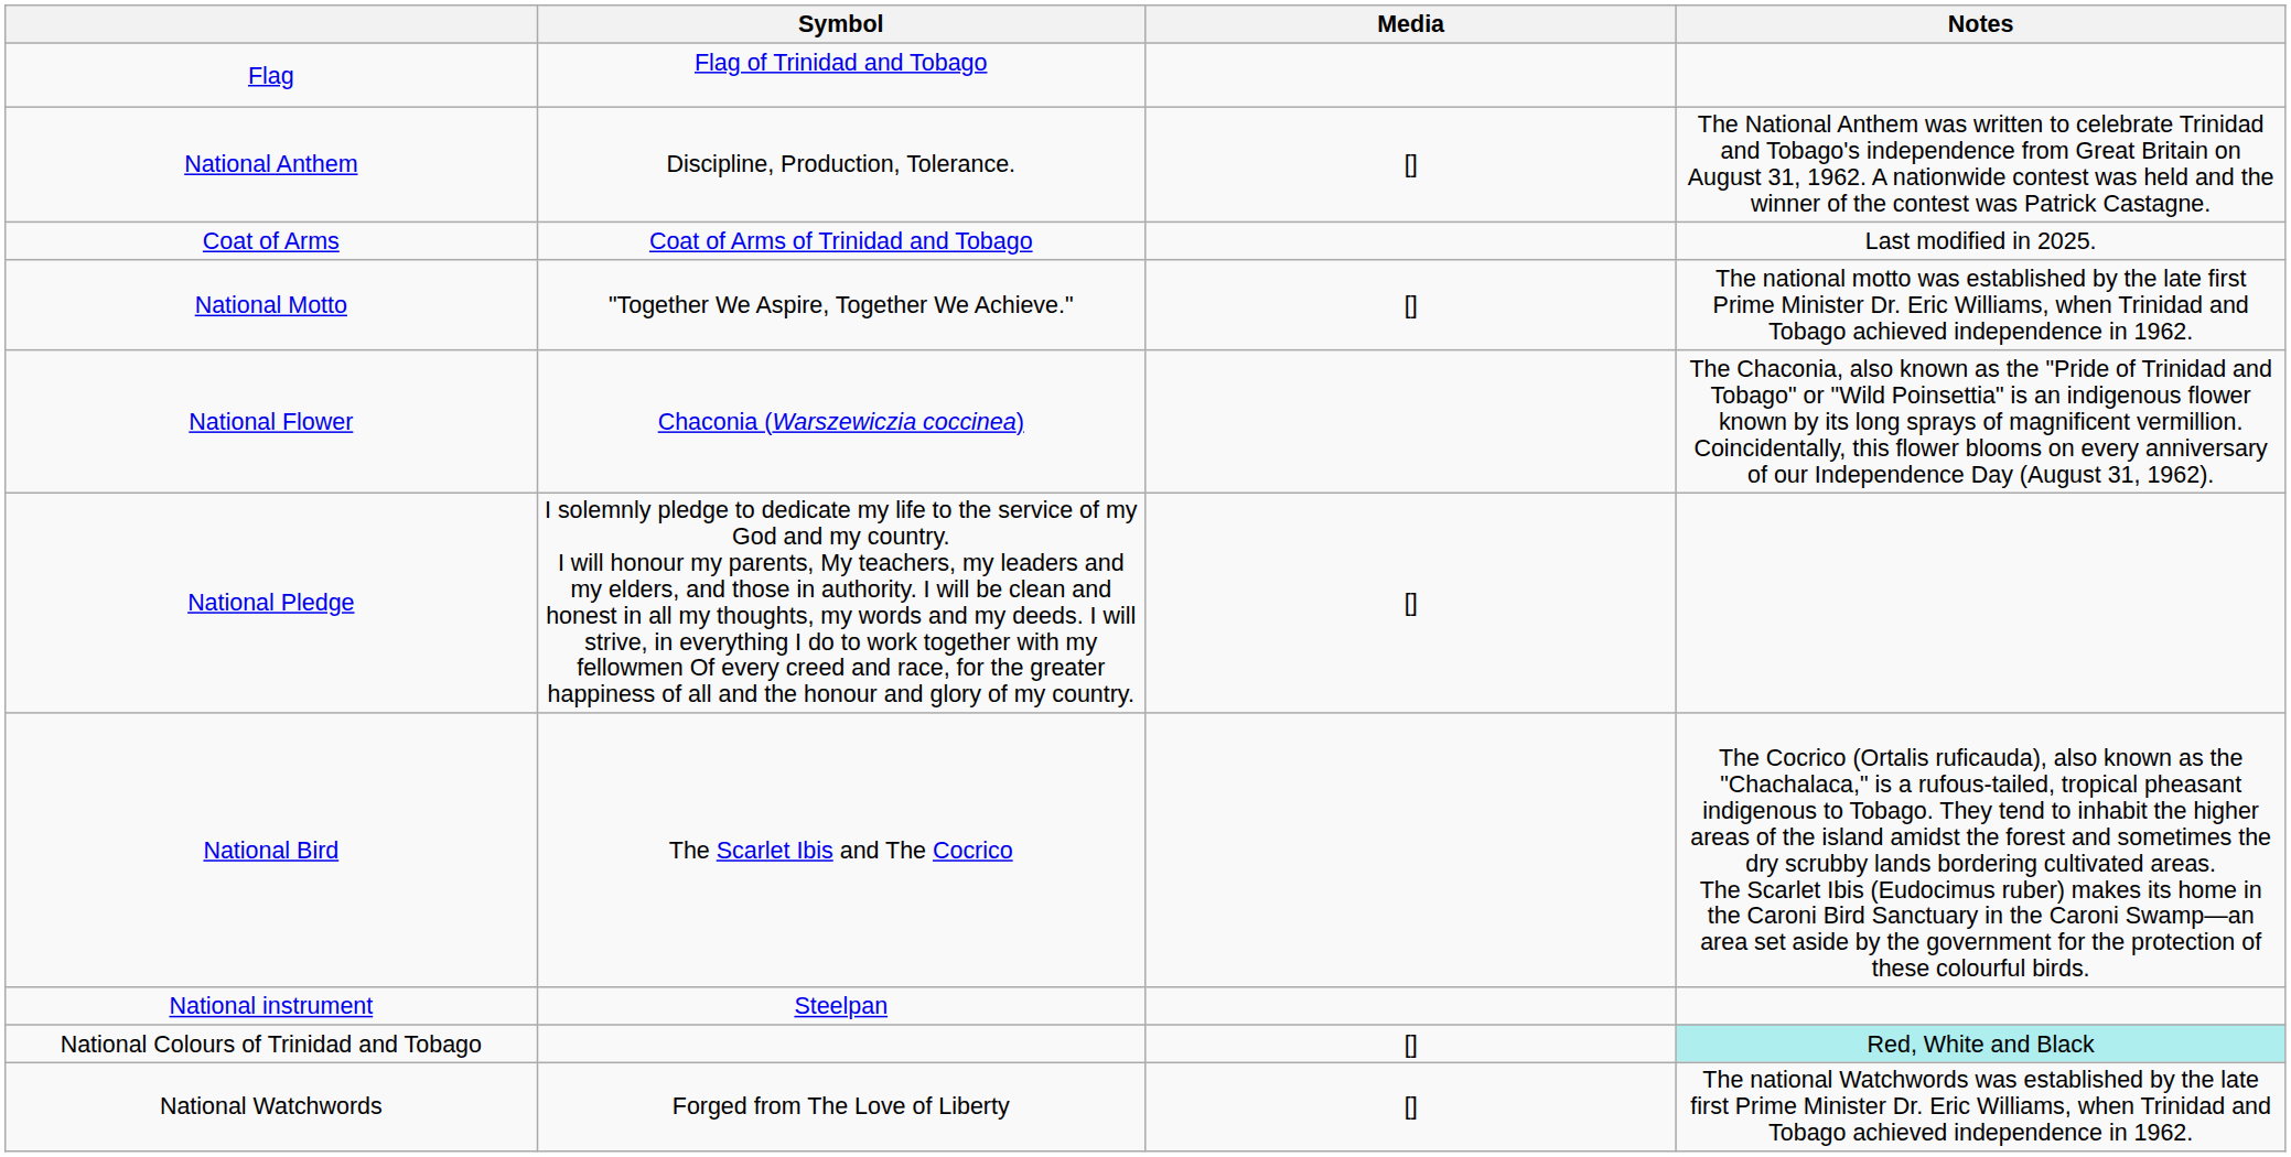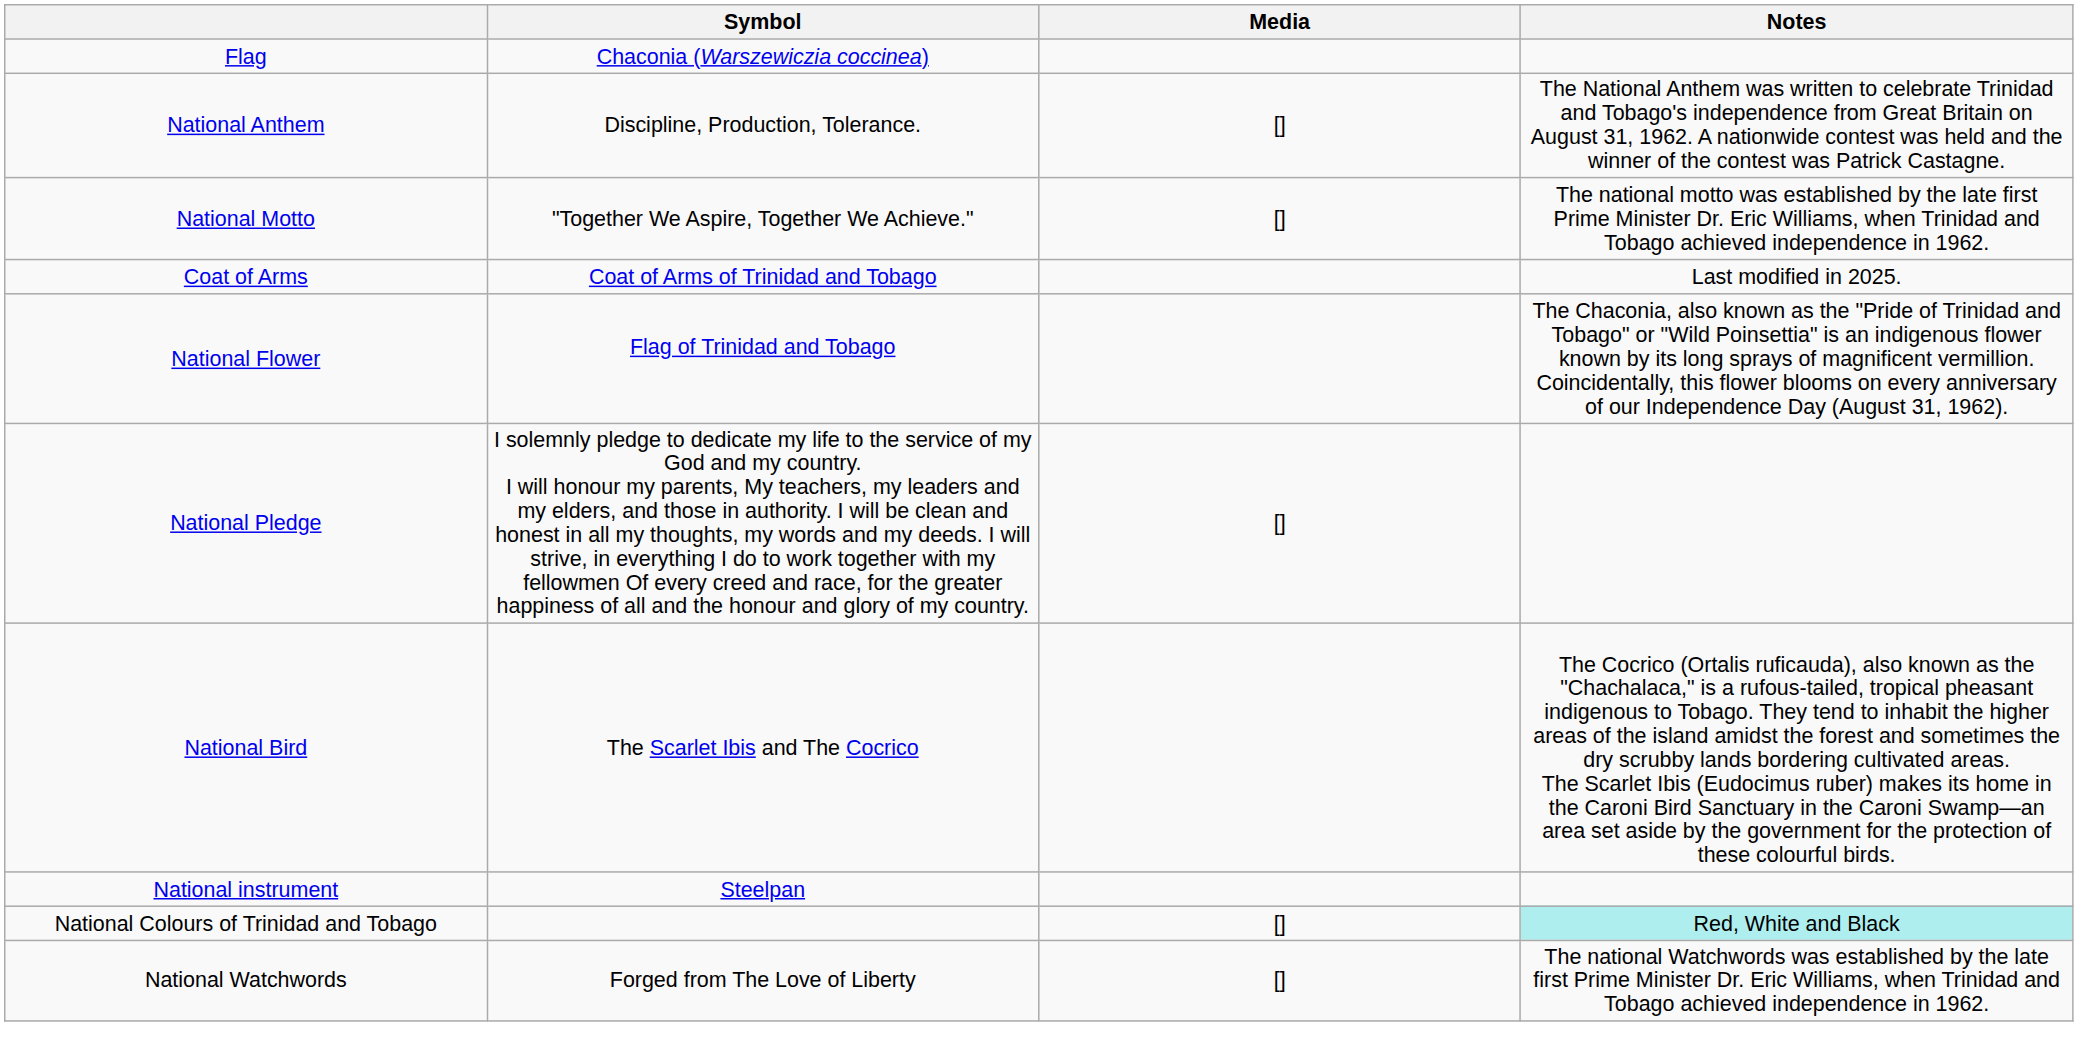 <table class="wikitable" width=70% style="font-size:90%; text-align:center;">
 <tr>
 <th width=80px></th>
 <th width=80px>Symbol</th>
 <th width=80px>Media</th>
 <th width=80px>Notes</th>
 </tr>
 <tr>
 <td><a href='#'>Flag</a></td>
-<td><a href='#'>Flag of Trinidad and Tobago</a><br><br></td>
+<td><a href='#'>Chaconia (<em>Warszewiczia coccinea</em>)</a></td>
 <td></td>
 <td></td>
 </tr>
 <tr>
 <td><a href='#'>National Anthem</a></td>
 <td>Discipline, Production, Tolerance.</td>
 <td>[]</td>
 <td>The National Anthem was written to celebrate Trinidad and Tobago's independence from Great Britain on August 31, 1962. A nationwide contest was held and the winner of the contest was Patrick Castagne.</td>
 </tr>
 <tr>
+<td><a href='#'>National Motto</a></td>
+<td>"Together We Aspire, Together We Achieve."</td>
+<td>[]</td>
+<td>The national motto was established by the late first Prime Minister Dr. Eric Williams, when Trinidad and Tobago achieved independence in 1962.</td>
+</tr>
+<tr>
 <td><a href='#'>Coat of Arms</a></td>
 <td><a href='#'>Coat of Arms of Trinidad and Tobago</a></td>
 <td></td>
 <td>Last modified in 2025.</td>
 </tr>
 <tr>
-<td><a href='#'>National Motto</a></td>
-<td>"Together We Aspire, Together We Achieve."</td>
-<td>[]</td>
-<td>The national motto was established by the late first Prime Minister Dr. Eric Williams, when Trinidad and Tobago achieved independence in 1962.</td>
-</tr>
-<tr>
 <td><a href='#'>National Flower</a></td>
-<td><a href='#'>Chaconia (<em>Warszewiczia coccinea</em>)</a></td>
+<td><a href='#'>Flag of Trinidad and Tobago</a><br><br></td>
 <td></td>
 <td>The Chaconia, also known as the "Pride of Trinidad and Tobago" or "Wild Poinsettia" is an indigenous flower known by its long sprays of magnificent vermillion. Coincidentally, this flower blooms on every anniversary of our Independence Day (August 31, 1962).</td>
 </tr>
 <tr>
 <td><a href='#'>National Pledge</a></td>
 <td>I solemnly pledge to dedicate my life to the service of my God and my country.<br>I will honour my parents, My teachers, my leaders and my elders, and those in authority. I will be clean and honest in all my thoughts, my words and my deeds. I will strive, in everything I do to work together with my fellowmen Of every creed and race, for the greater happiness of all and the honour and glory of my country.</td>
 <td>[]</td>
 <td></td>
 </tr>
 <tr>
 <td><a href='#'>National Bird</a></td>
 <td>The <a href='#'>Scarlet Ibis</a> and The <a href='#'>Cocrico</a></td>
 <td></td>
 <td><br>The Cocrico (Ortalis ruficauda), also known as the "Chachalaca," is a rufous-tailed, tropical pheasant indigenous to Tobago. They tend to inhabit the higher areas of the island amidst the forest and sometimes the dry scrubby lands bordering cultivated areas.<br>The Scarlet Ibis (Eudocimus ruber) makes its home in the Caroni Bird Sanctuary in the Caroni Swamp—an area set aside by the government for the protection of these colourful birds. <br></td>
 </tr>
 <tr>
 <td><a href='#'>National instrument</a></td>
 <td><a href='#'>Steelpan</a></td>
 <td></td>
 <td></td>
 </tr>
 <tr>
 <td>National Colours of Trinidad and Tobago</td>
 <td>  </td>
 <td>[]</td>
 <td style="background: paleturquoise;">Red, White and Black</td>
 </tr>
 <tr>
 <td>National Watchwords</td>
 <td>Forged from The Love of Liberty</td>
 <td>[]</td>
 <td>The national Watchwords was established by the late first Prime Minister Dr. Eric Williams, when Trinidad and Tobago achieved independence in 1962.</td>
 </tr>
 </table>
